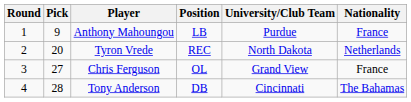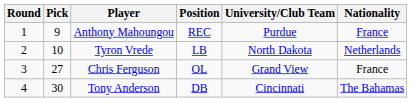 <table class="wikitable sortable">
 <tr>
 <th scope="col">Round</th>
 <th scope="col">Pick</th>
 <th scope="col">Player</th>
 <th scope="col">Position</th>
 <th scope="col">University/Club Team</th>
 <th scope="col">Nationality</th>
 </tr>
 <tr align="center">
 <td align=center>1</td>
 <td>9</td>
 <td><a href='#'>Anthony Mahoungou</a></td>
-<td><a href='#'>LB</a></td>
+<td><a href='#'>REC</a></td>
 <td><a href='#'>Purdue</a></td>
 <td> <a href='#'>France</a></td>
 </tr>
 <tr align="center">
 <td align=center>2</td>
-<td>20</td>
+<td>10</td>
 <td><a href='#'>Tyron Vrede</a></td>
-<td><a href='#'>REC</a></td>
+<td><a href='#'>LB</a></td>
 <td><a href='#'>North Dakota</a></td>
 <td> <a href='#'>Netherlands</a></td>
 </tr>
 <tr align="center">
 <td align=center>3</td>
 <td>27</td>
 <td><a href='#'>Chris Ferguson</a></td>
 <td><a href='#'>OL</a></td>
 <td><a href='#'>Grand View</a></td>
 <td> France</td>
 </tr>
 <tr align="center">
 <td align=center>4</td>
-<td>28</td>
+<td>30</td>
 <td><a href='#'>Tony Anderson</a></td>
 <td><a href='#'>DB</a></td>
 <td><a href='#'>Cincinnati</a></td>
 <td> <a href='#'>The Bahamas</a></td>
 </tr>
 </table>
